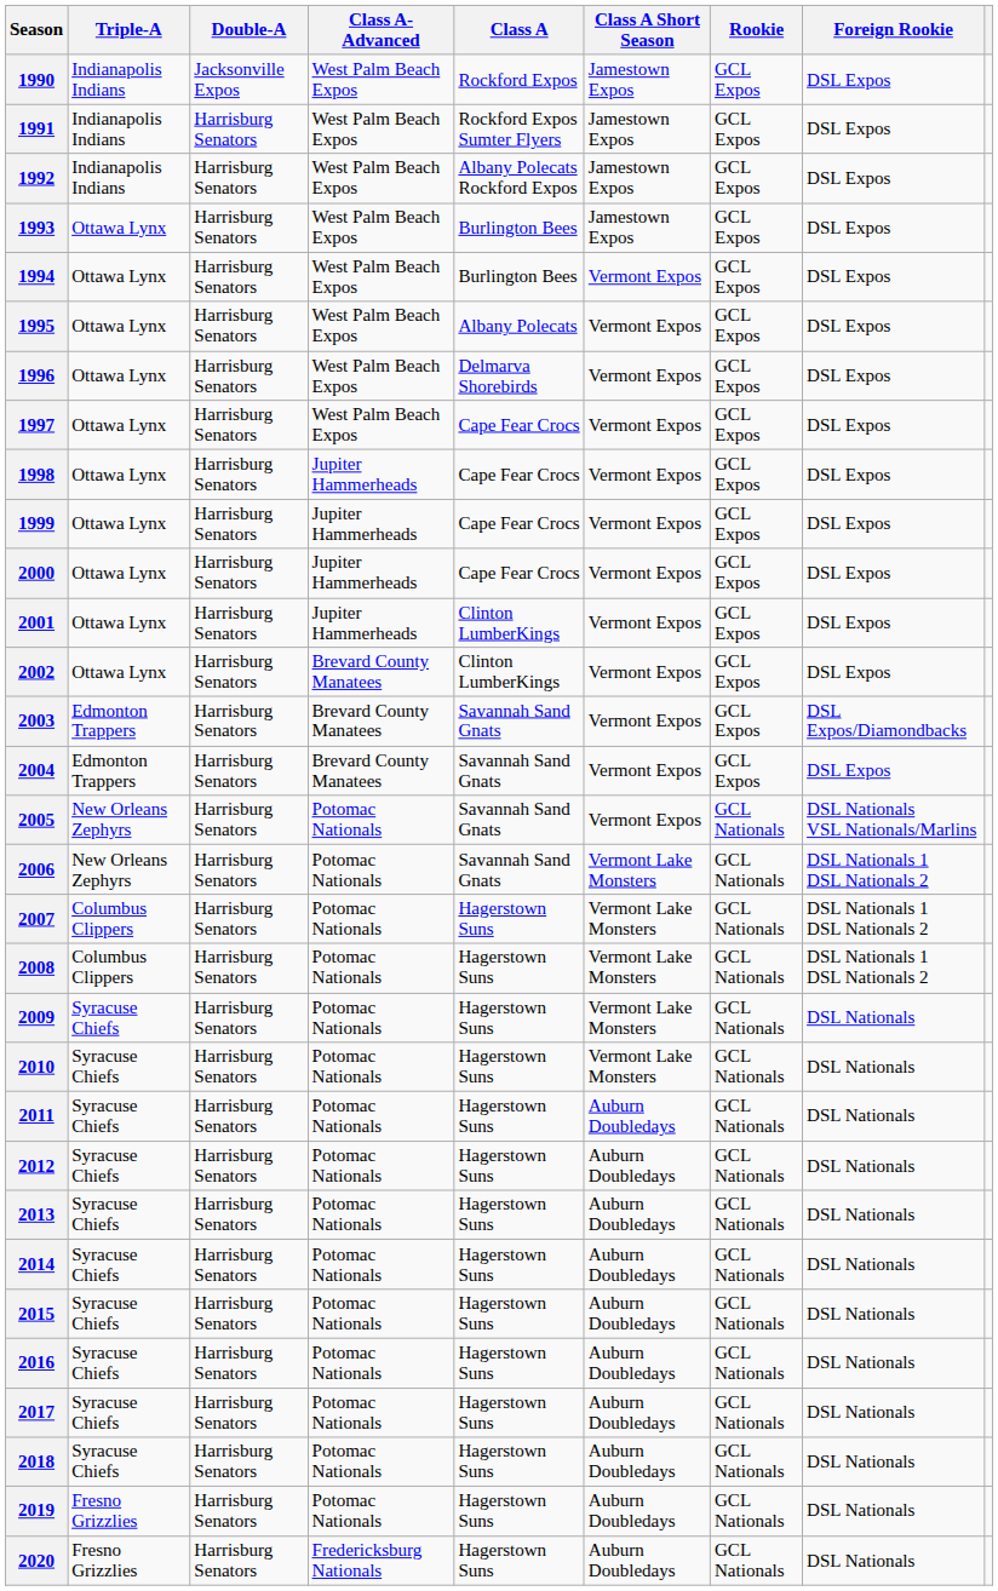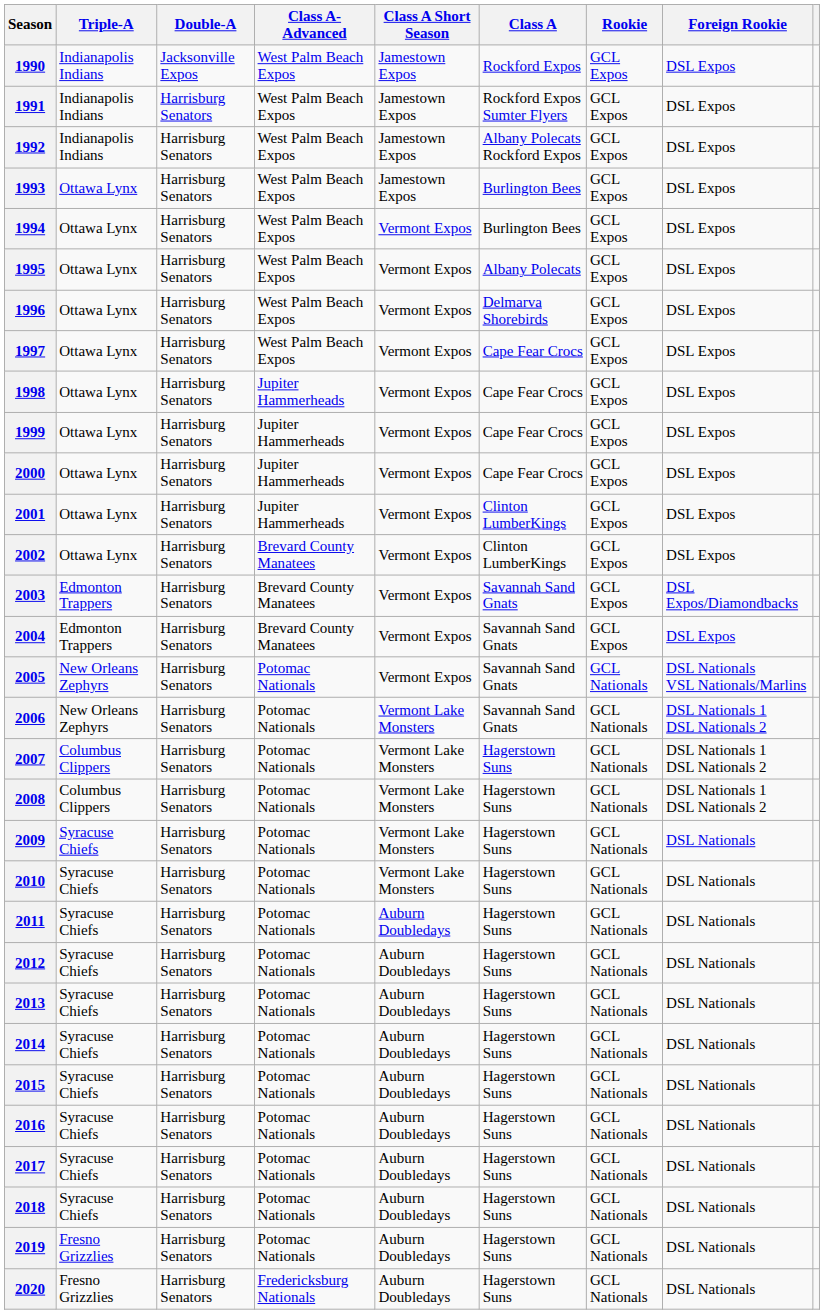 <table class="wikitable plainrowheaders">
 <tr>
 <th scope="col">Season</th>
 <th scope="col"><a href='#'><span>Triple-A</span></a></th>
 <th scope="col"><a href='#'><span>Double-A</span></a></th>
 <th scope="col"><a href='#'><span>Class A-Advanced</span></a></th>
+<th scope="col"><a href='#'><span>Class A Short Season</span></a></th>
 <th scope="col"><a href='#'><span>Class A</span></a></th>
-<th scope="col"><a href='#'><span>Class A Short Season</span></a></th>
 <th scope="col"><a href='#'><span>Rookie</span></a></th>
 <th scope="col"><a href='#'><span>Foreign Rookie</span></a></th>
 <th scope="col"></th>
 </tr>
 <tr>
 <th scope="row" style="text-align:center"><a href='#'>1990</a></th>
 <td><a href='#'>Indianapolis Indians</a></td>
 <td><a href='#'>Jacksonville Expos</a></td>
 <td><a href='#'>West Palm Beach Expos</a></td>
+<td><a href='#'>Jamestown Expos</a></td>
 <td><a href='#'>Rockford Expos</a></td>
-<td><a href='#'>Jamestown Expos</a></td>
 <td><a href='#'>GCL Expos</a></td>
 <td><a href='#'>DSL Expos</a></td>
 <td align="center"></td>
 </tr>
 <tr>
 <th scope="row" style="text-align:center"><a href='#'>1991</a></th>
 <td>Indianapolis Indians</td>
 <td><a href='#'>Harrisburg Senators</a></td>
 <td>West Palm Beach Expos</td>
+<td>Jamestown Expos</td>
 <td>Rockford Expos<br><a href='#'>Sumter Flyers</a></td>
-<td>Jamestown Expos</td>
 <td>GCL Expos</td>
 <td>DSL Expos</td>
 <td align="center"></td>
 </tr>
 <tr>
 <th scope="row" style="text-align:center"><a href='#'>1992</a></th>
 <td>Indianapolis Indians</td>
 <td>Harrisburg Senators</td>
 <td>West Palm Beach Expos</td>
+<td>Jamestown Expos</td>
 <td><a href='#'>Albany Polecats</a><br>Rockford Expos</td>
-<td>Jamestown Expos</td>
 <td>GCL Expos</td>
 <td>DSL Expos</td>
 <td align="center"></td>
 </tr>
 <tr>
 <th scope="row" style="text-align:center"><a href='#'>1993</a></th>
 <td><a href='#'>Ottawa Lynx</a></td>
 <td>Harrisburg Senators</td>
 <td>West Palm Beach Expos</td>
+<td>Jamestown Expos</td>
 <td><a href='#'>Burlington Bees</a></td>
-<td>Jamestown Expos</td>
 <td>GCL Expos</td>
 <td>DSL Expos</td>
 <td align="center"></td>
 </tr>
 <tr>
 <th scope="row" style="text-align:center"><a href='#'>1994</a></th>
 <td>Ottawa Lynx</td>
 <td>Harrisburg Senators</td>
 <td>West Palm Beach Expos</td>
+<td><a href='#'>Vermont Expos</a></td>
 <td>Burlington Bees</td>
-<td><a href='#'>Vermont Expos</a></td>
 <td>GCL Expos</td>
 <td>DSL Expos</td>
 <td align="center"></td>
 </tr>
 <tr>
 <th scope="row" style="text-align:center"><a href='#'>1995</a></th>
 <td>Ottawa Lynx</td>
 <td>Harrisburg Senators</td>
 <td>West Palm Beach Expos</td>
+<td>Vermont Expos</td>
 <td><a href='#'>Albany Polecats</a></td>
-<td>Vermont Expos</td>
 <td>GCL Expos</td>
 <td>DSL Expos</td>
 <td align="center"></td>
 </tr>
 <tr>
 <th scope="row" style="text-align:center"><a href='#'>1996</a></th>
 <td>Ottawa Lynx</td>
 <td>Harrisburg Senators</td>
 <td>West Palm Beach Expos</td>
+<td>Vermont Expos</td>
 <td><a href='#'>Delmarva Shorebirds</a></td>
-<td>Vermont Expos</td>
 <td>GCL Expos</td>
 <td>DSL Expos</td>
 <td align="center"></td>
 </tr>
 <tr>
 <th scope="row" style="text-align:center"><a href='#'>1997</a></th>
 <td>Ottawa Lynx</td>
 <td>Harrisburg Senators</td>
 <td>West Palm Beach Expos</td>
+<td>Vermont Expos</td>
 <td><a href='#'>Cape Fear Crocs</a></td>
-<td>Vermont Expos</td>
 <td>GCL Expos</td>
 <td>DSL Expos</td>
 <td align="center"></td>
 </tr>
 <tr>
 <th scope="row" style="text-align:center"><a href='#'>1998</a></th>
 <td>Ottawa Lynx</td>
 <td>Harrisburg Senators</td>
 <td><a href='#'>Jupiter Hammerheads</a></td>
+<td>Vermont Expos</td>
 <td>Cape Fear Crocs</td>
-<td>Vermont Expos</td>
 <td>GCL Expos</td>
 <td>DSL Expos</td>
 <td align="center"></td>
 </tr>
 <tr>
 <th scope="row" style="text-align:center"><a href='#'>1999</a></th>
 <td>Ottawa Lynx</td>
 <td>Harrisburg Senators</td>
 <td>Jupiter Hammerheads</td>
+<td>Vermont Expos</td>
 <td>Cape Fear Crocs</td>
-<td>Vermont Expos</td>
 <td>GCL Expos</td>
 <td>DSL Expos</td>
 <td align="center"></td>
 </tr>
 <tr>
 <th scope="row" style="text-align:center"><a href='#'>2000</a></th>
 <td>Ottawa Lynx</td>
 <td>Harrisburg Senators</td>
 <td>Jupiter Hammerheads</td>
+<td>Vermont Expos</td>
 <td>Cape Fear Crocs</td>
-<td>Vermont Expos</td>
 <td>GCL Expos</td>
 <td>DSL Expos</td>
 <td align="center"></td>
 </tr>
 <tr>
 <th scope="row" style="text-align:center"><a href='#'>2001</a></th>
 <td>Ottawa Lynx</td>
 <td>Harrisburg Senators</td>
 <td>Jupiter Hammerheads</td>
+<td>Vermont Expos</td>
 <td><a href='#'>Clinton LumberKings</a></td>
-<td>Vermont Expos</td>
 <td>GCL Expos</td>
 <td>DSL Expos</td>
 <td align="center"></td>
 </tr>
 <tr>
 <th scope="row" style="text-align:center"><a href='#'>2002</a></th>
 <td>Ottawa Lynx</td>
 <td>Harrisburg Senators</td>
 <td><a href='#'>Brevard County Manatees</a></td>
+<td>Vermont Expos</td>
 <td>Clinton LumberKings</td>
-<td>Vermont Expos</td>
 <td>GCL Expos</td>
 <td>DSL Expos</td>
 <td align="center"></td>
 </tr>
 <tr>
 <th scope="row" style="text-align:center"><a href='#'>2003</a></th>
 <td><a href='#'>Edmonton Trappers</a></td>
 <td>Harrisburg Senators</td>
 <td>Brevard County Manatees</td>
+<td>Vermont Expos</td>
 <td><a href='#'>Savannah Sand Gnats</a></td>
-<td>Vermont Expos</td>
 <td>GCL Expos</td>
 <td><a href='#'>DSL Expos/Diamondbacks</a></td>
 <td align="center"></td>
 </tr>
 <tr>
 <th scope="row" style="text-align:center"><a href='#'>2004</a></th>
 <td>Edmonton Trappers</td>
 <td>Harrisburg Senators</td>
 <td>Brevard County Manatees</td>
+<td>Vermont Expos</td>
 <td>Savannah Sand Gnats</td>
-<td>Vermont Expos</td>
 <td>GCL Expos</td>
 <td><a href='#'>DSL Expos</a></td>
 <td align="center"></td>
 </tr>
 <tr>
 <th scope="row" style="text-align:center"><a href='#'>2005</a></th>
 <td><a href='#'>New Orleans Zephyrs</a></td>
 <td>Harrisburg Senators</td>
 <td><a href='#'>Potomac Nationals</a></td>
+<td>Vermont Expos</td>
 <td>Savannah Sand Gnats</td>
-<td>Vermont Expos</td>
 <td><a href='#'>GCL Nationals</a></td>
 <td><a href='#'>DSL Nationals</a><br><a href='#'>VSL Nationals/Marlins</a></td>
 <td align="center"></td>
 </tr>
 <tr>
 <th scope="row" style="text-align:center"><a href='#'>2006</a></th>
 <td>New Orleans Zephyrs</td>
 <td>Harrisburg Senators</td>
 <td>Potomac Nationals</td>
+<td><a href='#'>Vermont Lake Monsters</a></td>
 <td>Savannah Sand Gnats</td>
-<td><a href='#'>Vermont Lake Monsters</a></td>
 <td>GCL Nationals</td>
 <td><a href='#'>DSL Nationals 1</a><br><a href='#'>DSL Nationals 2</a></td>
 <td align="center"></td>
 </tr>
 <tr>
 <th scope="row" style="text-align:center"><a href='#'>2007</a></th>
 <td><a href='#'>Columbus Clippers</a></td>
 <td>Harrisburg Senators</td>
 <td>Potomac Nationals</td>
+<td>Vermont Lake Monsters</td>
 <td><a href='#'>Hagerstown Suns</a></td>
-<td>Vermont Lake Monsters</td>
 <td>GCL Nationals</td>
 <td>DSL Nationals 1<br>DSL Nationals 2</td>
 <td align="center"></td>
 </tr>
 <tr>
 <th scope="row" style="text-align:center"><a href='#'>2008</a></th>
 <td>Columbus Clippers</td>
 <td>Harrisburg Senators</td>
 <td>Potomac Nationals</td>
+<td>Vermont Lake Monsters</td>
 <td>Hagerstown Suns</td>
-<td>Vermont Lake Monsters</td>
 <td>GCL Nationals</td>
 <td>DSL Nationals 1<br>DSL Nationals 2</td>
 <td align="center"></td>
 </tr>
 <tr>
 <th scope="row" style="text-align:center"><a href='#'>2009</a></th>
 <td><a href='#'>Syracuse Chiefs</a></td>
 <td>Harrisburg Senators</td>
 <td>Potomac Nationals</td>
+<td>Vermont Lake Monsters</td>
 <td>Hagerstown Suns</td>
-<td>Vermont Lake Monsters</td>
 <td>GCL Nationals</td>
 <td><a href='#'>DSL Nationals</a></td>
 <td align="center"></td>
 </tr>
 <tr>
 <th scope="row" style="text-align:center"><a href='#'>2010</a></th>
 <td>Syracuse Chiefs</td>
 <td>Harrisburg Senators</td>
 <td>Potomac Nationals</td>
+<td>Vermont Lake Monsters</td>
 <td>Hagerstown Suns</td>
-<td>Vermont Lake Monsters</td>
 <td>GCL Nationals</td>
 <td>DSL Nationals</td>
 <td align="center"></td>
 </tr>
 <tr>
 <th scope="row" style="text-align:center"><a href='#'>2011</a></th>
 <td>Syracuse Chiefs</td>
 <td>Harrisburg Senators</td>
 <td>Potomac Nationals</td>
+<td><a href='#'>Auburn Doubledays</a></td>
 <td>Hagerstown Suns</td>
-<td><a href='#'>Auburn Doubledays</a></td>
 <td>GCL Nationals</td>
 <td>DSL Nationals</td>
 <td align="center"></td>
 </tr>
 <tr>
 <th scope="row" style="text-align:center"><a href='#'>2012</a></th>
 <td>Syracuse Chiefs</td>
 <td>Harrisburg Senators</td>
 <td>Potomac Nationals</td>
+<td>Auburn Doubledays</td>
 <td>Hagerstown Suns</td>
-<td>Auburn Doubledays</td>
 <td>GCL Nationals</td>
 <td>DSL Nationals</td>
 <td align="center"></td>
 </tr>
 <tr>
 <th scope="row" style="text-align:center"><a href='#'>2013</a></th>
 <td>Syracuse Chiefs</td>
 <td>Harrisburg Senators</td>
 <td>Potomac Nationals</td>
+<td>Auburn Doubledays</td>
 <td>Hagerstown Suns</td>
-<td>Auburn Doubledays</td>
 <td>GCL Nationals</td>
 <td>DSL Nationals</td>
 <td align="center"></td>
 </tr>
 <tr>
 <th scope="row" style="text-align:center"><a href='#'>2014</a></th>
 <td>Syracuse Chiefs</td>
 <td>Harrisburg Senators</td>
 <td>Potomac Nationals</td>
+<td>Auburn Doubledays</td>
 <td>Hagerstown Suns</td>
-<td>Auburn Doubledays</td>
 <td>GCL Nationals</td>
 <td>DSL Nationals</td>
 <td align="center"></td>
 </tr>
 <tr>
 <th scope="row" style="text-align:center"><a href='#'>2015</a></th>
 <td>Syracuse Chiefs</td>
 <td>Harrisburg Senators</td>
 <td>Potomac Nationals</td>
+<td>Auburn Doubledays</td>
 <td>Hagerstown Suns</td>
-<td>Auburn Doubledays</td>
 <td>GCL Nationals</td>
 <td>DSL Nationals</td>
 <td align="center"></td>
 </tr>
 <tr>
 <th scope="row" style="text-align:center"><a href='#'>2016</a></th>
 <td>Syracuse Chiefs</td>
 <td>Harrisburg Senators</td>
 <td>Potomac Nationals</td>
+<td>Auburn Doubledays</td>
 <td>Hagerstown Suns</td>
-<td>Auburn Doubledays</td>
 <td>GCL Nationals</td>
 <td>DSL Nationals</td>
 <td align="center"></td>
 </tr>
 <tr>
 <th scope="row" style="text-align:center"><a href='#'>2017</a></th>
 <td>Syracuse Chiefs</td>
 <td>Harrisburg Senators</td>
 <td>Potomac Nationals</td>
+<td>Auburn Doubledays</td>
 <td>Hagerstown Suns</td>
-<td>Auburn Doubledays</td>
 <td>GCL Nationals</td>
 <td>DSL Nationals</td>
 <td align="center"></td>
 </tr>
 <tr>
 <th scope="row" style="text-align:center"><a href='#'>2018</a></th>
 <td>Syracuse Chiefs</td>
 <td>Harrisburg Senators</td>
 <td>Potomac Nationals</td>
+<td>Auburn Doubledays</td>
 <td>Hagerstown Suns</td>
-<td>Auburn Doubledays</td>
 <td>GCL Nationals</td>
 <td>DSL Nationals</td>
 <td align="center"></td>
 </tr>
 <tr>
 <th scope="row" style="text-align:center"><a href='#'>2019</a></th>
 <td><a href='#'>Fresno Grizzlies</a></td>
 <td>Harrisburg Senators</td>
 <td>Potomac Nationals</td>
+<td>Auburn Doubledays</td>
 <td>Hagerstown Suns</td>
-<td>Auburn Doubledays</td>
 <td>GCL Nationals</td>
 <td>DSL Nationals</td>
 <td align="center"></td>
 </tr>
 <tr>
 <th scope="row" style="text-align:center"><a href='#'>2020</a></th>
 <td>Fresno Grizzlies</td>
 <td>Harrisburg Senators</td>
 <td><a href='#'>Fredericksburg Nationals</a></td>
+<td>Auburn Doubledays</td>
 <td>Hagerstown Suns</td>
-<td>Auburn Doubledays</td>
 <td>GCL Nationals</td>
 <td>DSL Nationals</td>
 <td align="center"></td>
 </tr>
 </table>
